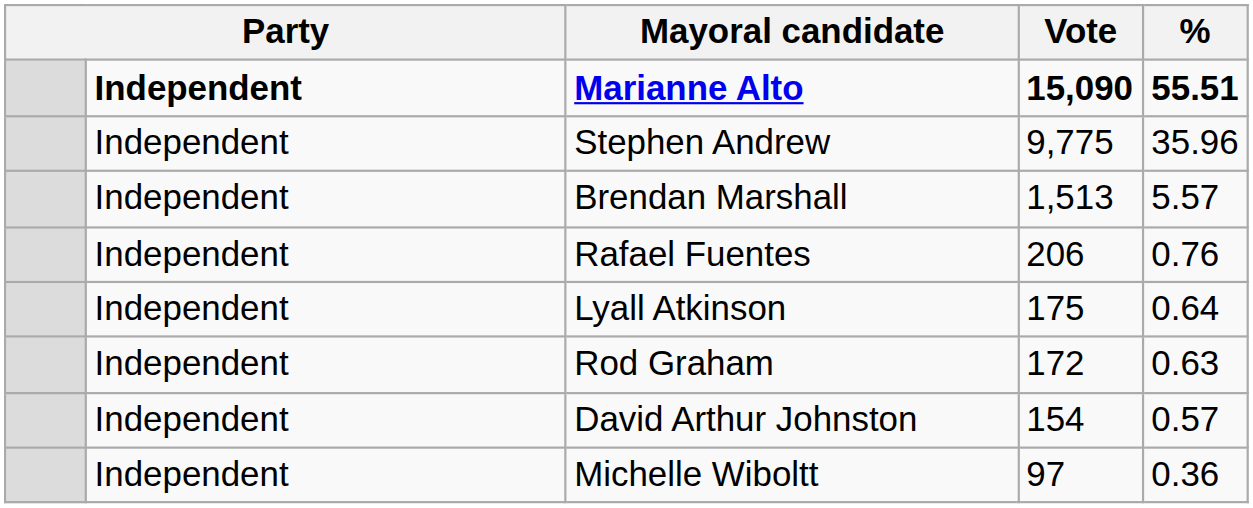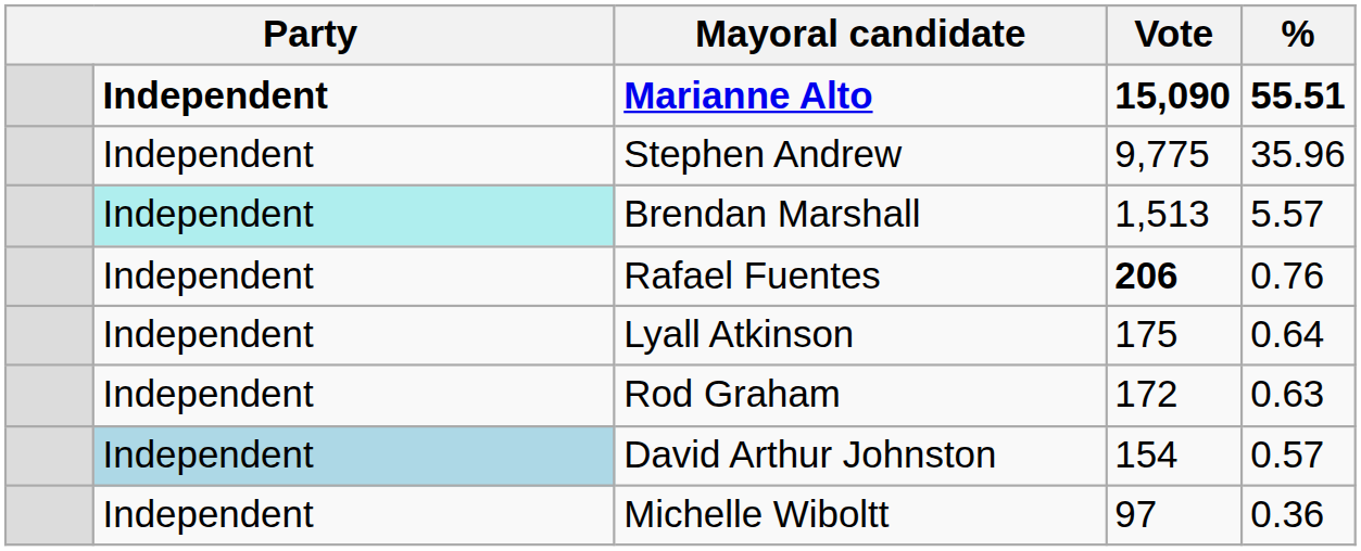 <table class="wikitable">
 <tr>
 <th width="250px" colspan="2">Party</th>
 <th width="200px">Mayoral candidate</th>
 <th width="50px">Vote</th>
 <th width="30px">%</th>
 </tr>
 <tr>
 <td style="background:gainsboro" width="30px"> </td>
 <td><strong>Independent</strong></td>
 <td><strong><a href='#'>Marianne Alto</a></strong> </td>
 <td><strong>15,090</strong></td>
 <td><strong>55.51</strong></td>
 </tr>
 <tr>
 <td style="background:gainsboro" width="30px"> </td>
 <td>Independent</td>
 <td>Stephen Andrew</td>
 <td>9,775</td>
 <td>35.96</td>
 </tr>
 <tr>
 <td style="background:gainsboro" width="30px"> </td>
-<td>Independent</td>
+<td style="background: paleturquoise;">Independent</td>
 <td>Brendan Marshall</td>
 <td>1,513</td>
 <td>5.57</td>
 </tr>
 <tr>
 <td style="background:gainsboro" width="30px"> </td>
 <td>Independent</td>
 <td>Rafael Fuentes</td>
-<td>206</td>
+<td><strong>206</strong></td>
 <td>0.76</td>
 </tr>
 <tr>
 <td style="background:gainsboro" width="30px"> </td>
 <td>Independent</td>
 <td>Lyall Atkinson</td>
 <td>175</td>
 <td>0.64</td>
 </tr>
 <tr>
 <td style="background:gainsboro" width="30px"> </td>
 <td>Independent</td>
 <td>Rod Graham</td>
 <td>172</td>
 <td>0.63</td>
 </tr>
 <tr>
 <td style="background:gainsboro" width="30px"> </td>
-<td>Independent</td>
+<td style="background: lightblue;">Independent</td>
 <td>David Arthur Johnston</td>
 <td>154</td>
 <td>0.57</td>
 </tr>
 <tr>
 <td style="background:gainsboro" width="30px"> </td>
 <td>Independent</td>
 <td>Michelle Wiboltt</td>
 <td>97</td>
 <td>0.36</td>
 </tr>
 </table>
